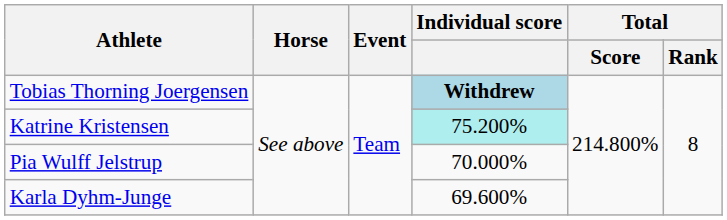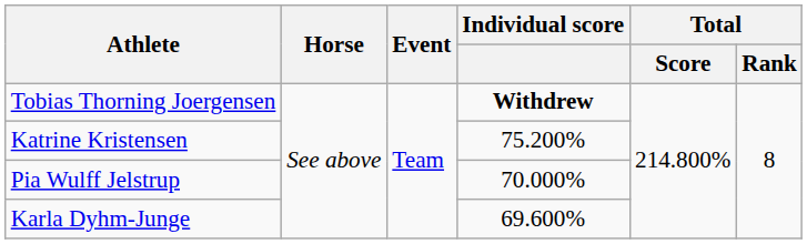 <table class=wikitable style="font-size:90%">
 <tr>
 <th rowspan="2">Athlete</th>
 <th rowspan="2">Horse</th>
 <th rowspan="2">Event</th>
 <th colspan="1">Individual score</th>
 <th colspan="2">Total</th>
 </tr>
 <tr>
 <th></th>
 <th>Score</th>
 <th>Rank</th>
 </tr>
 <tr align=center>
 <td align=left><a href='#'>Tobias Thorning Joergensen</a></td>
 <td align=left rowspan=4><em>See above</em></td>
 <td align=left rowspan=4><a href='#'>Team</a></td>
-<td style="background: lightblue;"><strong>Withdrew</strong></td>
+<td><strong>Withdrew</strong></td>
 <td rowspan="4">214.800%</td>
 <td rowspan="4">8</td>
 </tr>
 <tr align=center>
 <td align=left><a href='#'>Katrine Kristensen</a></td>
-<td style="background: paleturquoise;">75.200%</td>
+<td>75.200%</td>
 </tr>
 <tr align=center>
 <td align=left><a href='#'>Pia Wulff Jelstrup</a></td>
 <td>70.000%</td>
 </tr>
 <tr align=center>
 <td align=left><a href='#'>Karla Dyhm-Junge</a></td>
 <td>69.600%</td>
 </tr>
 </table>
